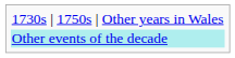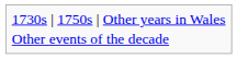 <table class="infobox" id="toc">
 <tr>
 <td align="left"><a href='#'>1730s</a> | <a href='#'>1750s</a> | <a href='#'>Other years in Wales</a></td>
 </tr>
 <tr>
-<td style="background: paleturquoise;"><a href='#'>Other events of the decade</a></td>
+<td><a href='#'>Other events of the decade</a></td>
 </tr>
 </table>
